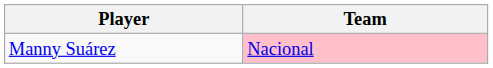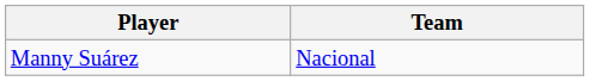 <table class="wikitable" style="text-align: center;">
 <tr>
 <th style="width:200px;">Player</th>
 <th style="width:205px;">Team</th>
 </tr>
 <tr>
 <td align=left> <a href='#'>Manny Suárez</a></td>
-<td align=left style="background: pink;"> <a href='#'>Nacional</a></td>
+<td align=left> <a href='#'>Nacional</a></td>
 </tr>
 </table>
